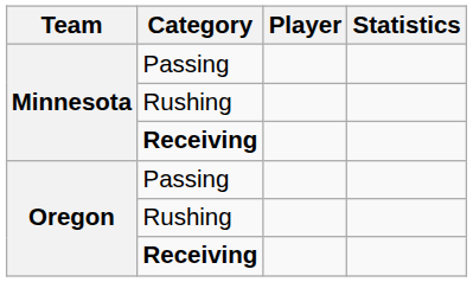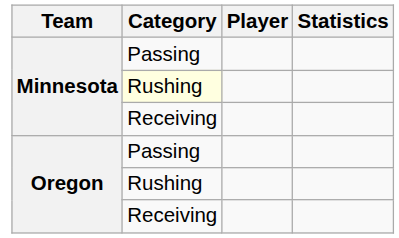 <table class="wikitable" style="float:right">
 <tr>
 <th>Team</th>
 <th>Category</th>
 <th>Player</th>
 <th>Statistics</th>
 </tr>
 <tr>
 <th rowspan=3>Minnesota</th>
 <td>Passing</td>
 <td></td>
 <td></td>
 </tr>
 <tr>
-<td>Rushing</td>
+<td style="background: lightyellow;">Rushing</td>
 <td></td>
 <td></td>
 </tr>
 <tr>
-<td><strong>Receiving</strong></td>
+<td>Receiving</td>
 <td></td>
 <td></td>
 </tr>
 <tr>
 <th rowspan=3>Oregon</th>
 <td>Passing</td>
 <td></td>
 <td></td>
 </tr>
 <tr>
 <td>Rushing</td>
 <td></td>
 <td></td>
 </tr>
 <tr>
-<td><strong>Receiving</strong></td>
+<td>Receiving</td>
 <td></td>
 <td></td>
 </tr>
 </table>
